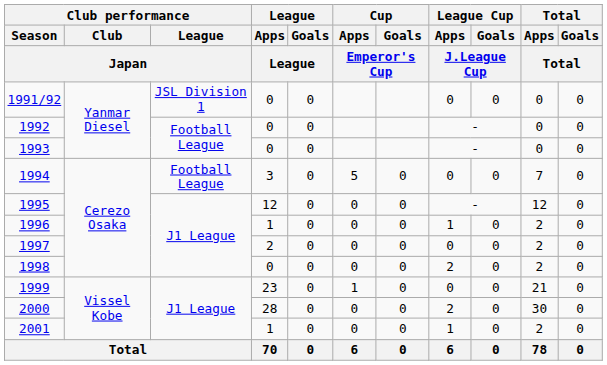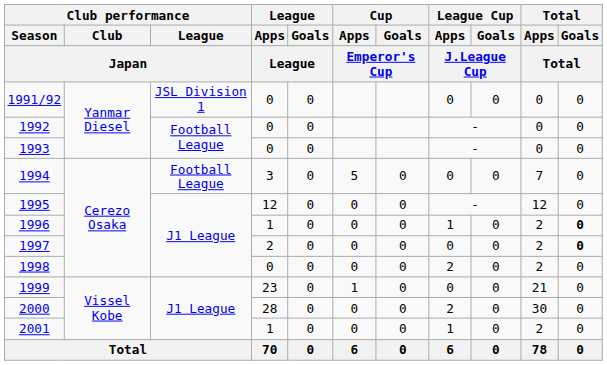 <table class="wikitable" style="text-align:center;">
 <tr>
 <th colspan=3>Club performance</th>
 <th colspan=2>League</th>
 <th colspan=2>Cup</th>
 <th colspan=2>League Cup</th>
 <th colspan=2>Total</th>
 </tr>
 <tr>
 <th>Season</th>
 <th>Club</th>
 <th>League</th>
 <th>Apps</th>
 <th>Goals</th>
 <th>Apps</th>
 <th>Goals</th>
 <th>Apps</th>
 <th>Goals</th>
 <th>Apps</th>
 <th>Goals</th>
 </tr>
 <tr>
 <th colspan=3>Japan</th>
 <th colspan=2>League</th>
 <th colspan=2><a href='#'>Emperor's Cup</a></th>
 <th colspan=2><a href='#'>J.League Cup</a></th>
 <th colspan=2>Total</th>
 </tr>
 <tr>
 <td><a href='#'>1991/92</a></td>
 <td rowspan="3"><a href='#'>Yanmar Diesel</a></td>
 <td><a href='#'>JSL Division 1</a></td>
 <td>0</td>
 <td>0</td>
 <td></td>
 <td></td>
 <td>0</td>
 <td>0</td>
 <td>0</td>
 <td>0</td>
 </tr>
 <tr>
 <td><a href='#'>1992</a></td>
 <td rowspan="2"><a href='#'>Football League</a></td>
 <td>0</td>
 <td>0</td>
 <td></td>
 <td></td>
 <td colspan="2">-</td>
 <td>0</td>
 <td>0</td>
 </tr>
 <tr>
 <td><a href='#'>1993</a></td>
 <td>0</td>
 <td>0</td>
 <td></td>
 <td></td>
 <td colspan="2">-</td>
 <td>0</td>
 <td>0</td>
 </tr>
 <tr>
 <td><a href='#'>1994</a></td>
 <td rowspan="5"><a href='#'>Cerezo Osaka</a></td>
 <td><a href='#'>Football League</a></td>
 <td>3</td>
 <td>0</td>
 <td>5</td>
 <td>0</td>
 <td>0</td>
 <td>0</td>
 <td>7</td>
 <td>0</td>
 </tr>
 <tr>
 <td><a href='#'>1995</a></td>
 <td rowspan="4"><a href='#'>J1 League</a></td>
 <td>12</td>
 <td>0</td>
 <td>0</td>
 <td>0</td>
 <td colspan="2">-</td>
 <td>12</td>
 <td>0</td>
 </tr>
 <tr>
 <td><a href='#'>1996</a></td>
 <td>1</td>
 <td>0</td>
 <td>0</td>
 <td>0</td>
 <td>1</td>
 <td>0</td>
 <td>2</td>
-<td>0</td>
+<td><strong>0</strong></td>
 </tr>
 <tr>
 <td><a href='#'>1997</a></td>
 <td>2</td>
 <td>0</td>
 <td>0</td>
 <td>0</td>
 <td>0</td>
 <td>0</td>
 <td>2</td>
-<td>0</td>
+<td><strong>0</strong></td>
 </tr>
 <tr>
 <td><a href='#'>1998</a></td>
 <td>0</td>
 <td>0</td>
 <td>0</td>
 <td>0</td>
 <td>2</td>
 <td>0</td>
 <td>2</td>
 <td>0</td>
 </tr>
 <tr>
 <td><a href='#'>1999</a></td>
 <td rowspan="3"><a href='#'>Vissel Kobe</a></td>
 <td rowspan="3"><a href='#'>J1 League</a></td>
 <td>23</td>
 <td>0</td>
 <td>1</td>
 <td>0</td>
 <td>0</td>
 <td>0</td>
 <td>21</td>
 <td>0</td>
 </tr>
 <tr>
 <td><a href='#'>2000</a></td>
 <td>28</td>
 <td>0</td>
 <td>0</td>
 <td>0</td>
 <td>2</td>
 <td>0</td>
 <td>30</td>
 <td>0</td>
 </tr>
 <tr>
 <td><a href='#'>2001</a></td>
 <td>1</td>
 <td>0</td>
 <td>0</td>
 <td>0</td>
 <td>1</td>
 <td>0</td>
 <td>2</td>
 <td>0</td>
 </tr>
 <tr>
 <th colspan=3>Total</th>
 <th>70</th>
 <th>0</th>
 <th>6</th>
 <th>0</th>
 <th>6</th>
 <th>0</th>
 <th>78</th>
 <th>0</th>
 </tr>
 </table>
